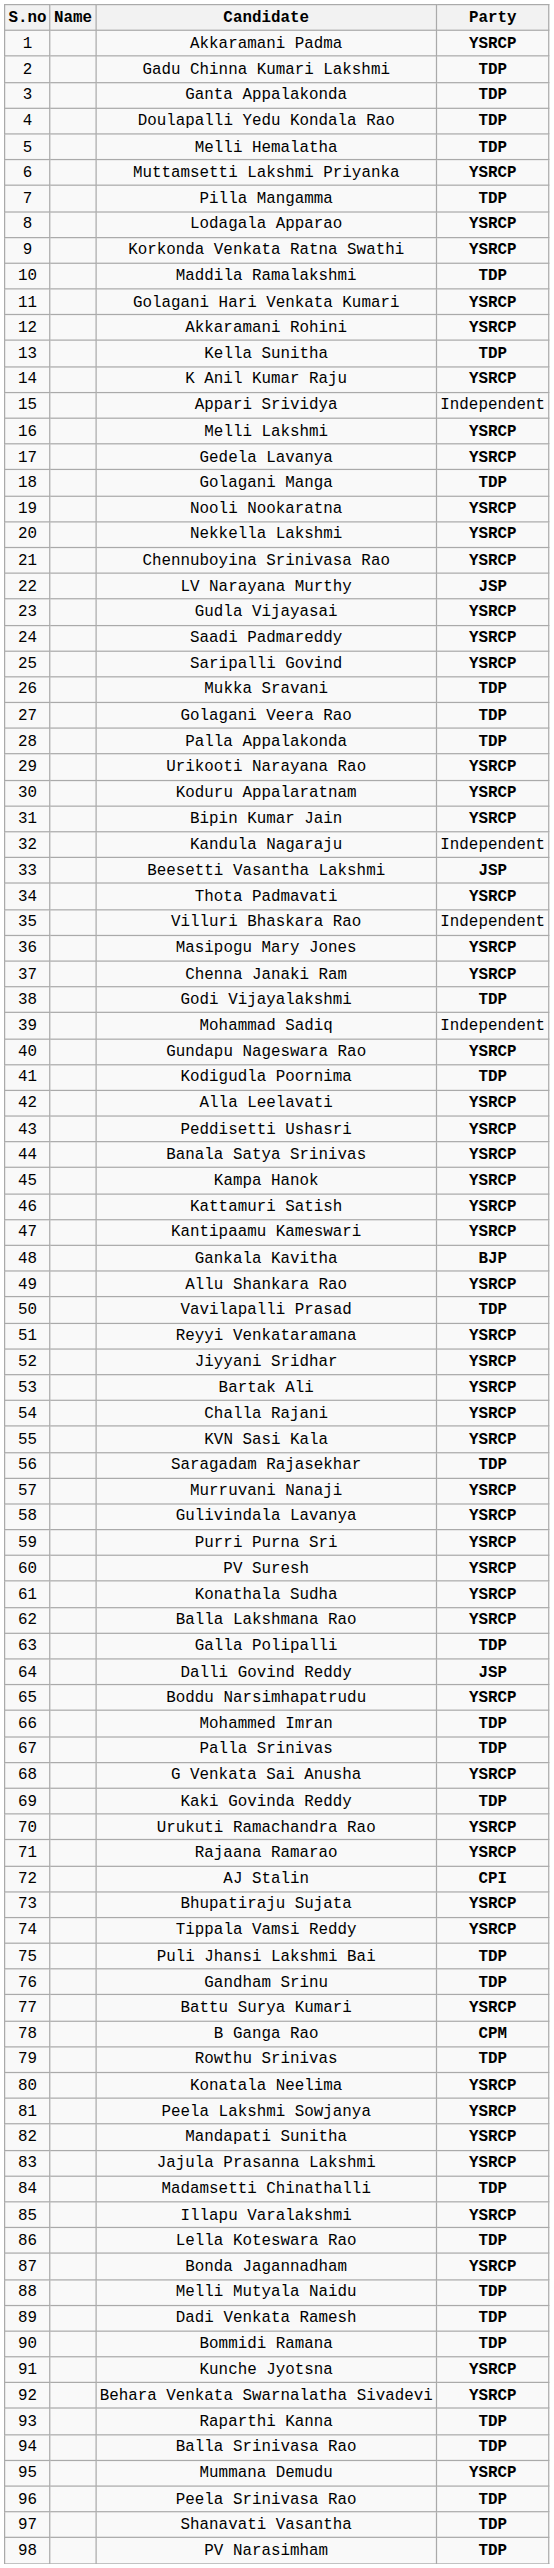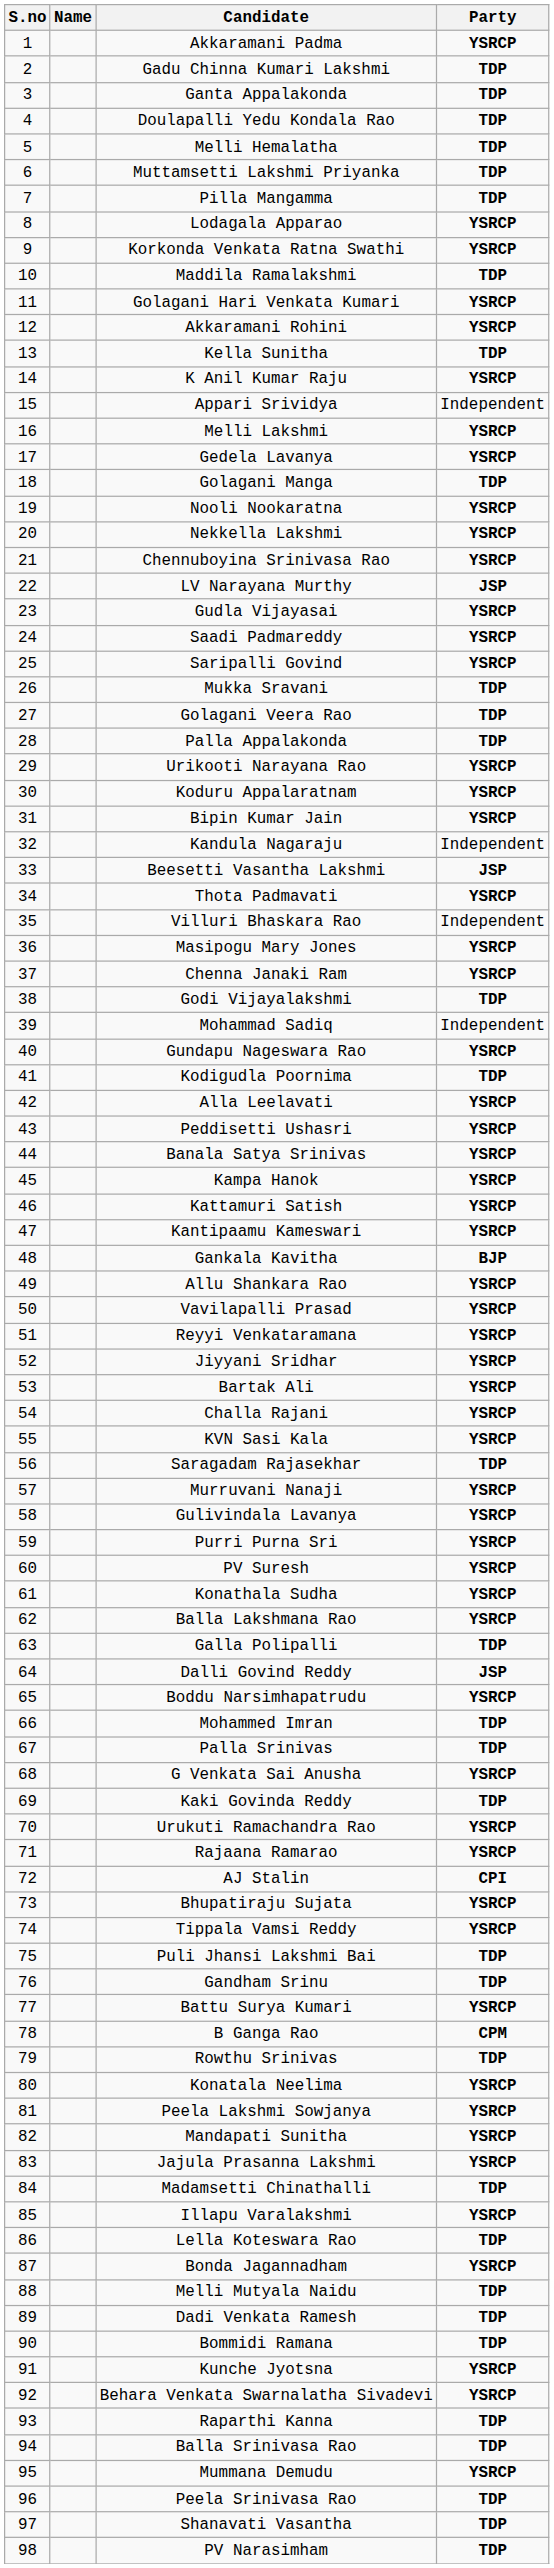 <table class="wikitable sortable" style="text-align:center;">
 <tr>
 <th>S.no</th>
 <th>Name</th>
 <th>Candidate</th>
 <th>Party</th>
 </tr>
 <tr>
 <td>1</td>
 <td></td>
 <td>Akkaramani Padma</td>
 <td ! style="text-align:center; background:"><strong>YSRCP</strong></td>
 </tr>
 <tr>
 <td>2</td>
 <td></td>
 <td>Gadu Chinna Kumari Lakshmi</td>
 <td ! style="text-align:center; background:"><strong>TDP</strong></td>
 </tr>
 <tr>
 <td>3</td>
 <td></td>
 <td>Ganta Appalakonda</td>
 <td ! style="text-align:center; background:"><strong>TDP</strong></td>
 </tr>
 <tr>
 <td>4</td>
 <td></td>
 <td>Doulapalli Yedu Kondala Rao</td>
 <td ! style="text-align:center; background:"><strong>TDP</strong></td>
 </tr>
 <tr>
 <td>5</td>
 <td></td>
 <td>Melli Hemalatha</td>
 <td ! style="text-align:center; background:"><strong>TDP</strong></td>
 </tr>
 <tr>
 <td>6</td>
 <td></td>
 <td>Muttamsetti Lakshmi Priyanka</td>
-<td ! style="text-align:center; background:"><strong>YSRCP</strong></td>
+<td ! style="text-align:center; background:"><strong>TDP</strong></td>
 </tr>
 <tr>
 <td>7</td>
 <td></td>
 <td>Pilla Mangamma</td>
 <td ! style="text-align:center; background:"><strong>TDP</strong></td>
 </tr>
 <tr>
 <td>8</td>
 <td></td>
 <td>Lodagala Apparao</td>
 <td ! style="text-align:center; background:"><strong>YSRCP</strong></td>
 </tr>
 <tr>
 <td>9</td>
 <td></td>
 <td>Korkonda Venkata Ratna Swathi</td>
 <td ! style="text-align:center; background:"><strong>YSRCP</strong></td>
 </tr>
 <tr>
 <td>10</td>
 <td></td>
 <td>Maddila Ramalakshmi</td>
 <td ! style="text-align:center; background:"><strong>TDP</strong></td>
 </tr>
 <tr>
 <td>11</td>
 <td></td>
 <td>Golagani Hari Venkata Kumari</td>
 <td ! style="text-align:center; background:"><strong>YSRCP</strong></td>
 </tr>
 <tr>
 <td>12</td>
 <td></td>
 <td>Akkaramani Rohini</td>
 <td ! style="text-align:center; background:"><strong>YSRCP</strong></td>
 </tr>
 <tr>
 <td>13</td>
 <td></td>
 <td>Kella Sunitha</td>
 <td ! style="text-align:center; background:"><strong>TDP</strong></td>
 </tr>
 <tr>
 <td>14</td>
 <td></td>
 <td>K Anil Kumar Raju</td>
 <td ! style="text-align:center; background:"><strong>YSRCP</strong></td>
 </tr>
 <tr>
 <td>15</td>
 <td></td>
 <td>Appari Srividya</td>
 <td>Independent</td>
 </tr>
 <tr>
 <td>16</td>
 <td></td>
 <td>Melli Lakshmi</td>
 <td ! style="text-align:center; background:"><strong>YSRCP</strong></td>
 </tr>
 <tr>
 <td>17</td>
 <td></td>
 <td>Gedela Lavanya</td>
 <td ! style="text-align:center; background:"><strong>YSRCP</strong></td>
 </tr>
 <tr>
 <td>18</td>
 <td></td>
 <td>Golagani Manga</td>
 <td ! style="text-align:center; background:"><strong>TDP</strong></td>
 </tr>
 <tr>
 <td>19</td>
 <td></td>
 <td>Nooli Nookaratna</td>
 <td ! style="text-align:center; background:"><strong>YSRCP</strong></td>
 </tr>
 <tr>
 <td>20</td>
 <td></td>
 <td>Nekkella Lakshmi</td>
 <td ! style="text-align:center; background:"><strong>YSRCP</strong></td>
 </tr>
 <tr>
 <td>21</td>
 <td></td>
 <td>Chennuboyina Srinivasa Rao</td>
 <td ! style="text-align:center; background:"><strong>YSRCP</strong></td>
 </tr>
 <tr>
 <td>22</td>
 <td></td>
 <td>LV Narayana Murthy</td>
 <td ! style="text-align:center; background:"><strong>JSP</strong></td>
 </tr>
 <tr>
 <td>23</td>
 <td></td>
 <td>Gudla Vijayasai</td>
 <td ! style="text-align:center; background:"><strong>YSRCP</strong></td>
 </tr>
 <tr>
 <td>24</td>
 <td></td>
 <td>Saadi Padmareddy</td>
 <td ! style="text-align:center; background:"><strong>YSRCP</strong></td>
 </tr>
 <tr>
 <td>25</td>
 <td></td>
 <td>Saripalli Govind</td>
 <td ! style="text-align:center; background:"><strong>YSRCP</strong></td>
 </tr>
 <tr>
 <td>26</td>
 <td></td>
 <td>Mukka Sravani</td>
 <td ! style="text-align:center; background:"><strong>TDP</strong></td>
 </tr>
 <tr>
 <td>27</td>
 <td></td>
 <td>Golagani Veera Rao</td>
 <td ! style="text-align:center; background:"><strong>TDP</strong></td>
 </tr>
 <tr>
 <td>28</td>
 <td></td>
 <td>Palla Appalakonda</td>
 <td ! style="text-align:center; background:"><strong>TDP</strong></td>
 </tr>
 <tr>
 <td>29</td>
 <td></td>
 <td>Urikooti Narayana Rao</td>
 <td ! style="text-align:center; background:"><strong>YSRCP</strong></td>
 </tr>
 <tr>
 <td>30</td>
 <td></td>
 <td>Koduru Appalaratnam</td>
 <td ! style="text-align:center; background:"><strong>YSRCP</strong></td>
 </tr>
 <tr>
 <td>31</td>
 <td></td>
 <td>Bipin Kumar Jain</td>
 <td ! style="text-align:center; background:"><strong>YSRCP</strong></td>
 </tr>
 <tr>
 <td>32</td>
 <td></td>
 <td>Kandula Nagaraju</td>
 <td>Independent</td>
 </tr>
 <tr>
 <td>33</td>
 <td></td>
 <td>Beesetti Vasantha Lakshmi</td>
 <td ! style="text-align:center; background:"><strong>JSP</strong></td>
 </tr>
 <tr>
 <td>34</td>
 <td></td>
 <td>Thota Padmavati</td>
 <td ! style="text-align:center; background:"><strong>YSRCP</strong></td>
 </tr>
 <tr>
 <td>35</td>
 <td></td>
 <td>Villuri Bhaskara Rao</td>
 <td>Independent</td>
 </tr>
 <tr>
 <td>36</td>
 <td></td>
 <td>Masipogu Mary Jones</td>
 <td ! style="text-align:center; background:"><strong>YSRCP</strong></td>
 </tr>
 <tr>
 <td>37</td>
 <td></td>
 <td>Chenna Janaki Ram</td>
 <td ! style="text-align:center; background:"><strong>YSRCP</strong></td>
 </tr>
 <tr>
 <td>38</td>
 <td></td>
 <td>Godi Vijayalakshmi</td>
 <td ! style="text-align:center; background:"><strong>TDP</strong></td>
 </tr>
 <tr>
 <td>39</td>
 <td></td>
 <td>Mohammad Sadiq</td>
 <td>Independent</td>
 </tr>
 <tr>
 <td>40</td>
 <td></td>
 <td>Gundapu Nageswara Rao</td>
 <td ! style="text-align:center; background:"><strong>YSRCP</strong></td>
 </tr>
 <tr>
 <td>41</td>
 <td></td>
 <td>Kodigudla Poornima</td>
 <td ! style="text-align:center; background:"><strong>TDP</strong></td>
 </tr>
 <tr>
 <td>42</td>
 <td></td>
 <td>Alla Leelavati</td>
 <td ! style="text-align:center; background:"><strong>YSRCP</strong></td>
 </tr>
 <tr>
 <td>43</td>
 <td></td>
 <td>Peddisetti Ushasri</td>
 <td ! style="text-align:center; background:"><strong>YSRCP</strong></td>
 </tr>
 <tr>
 <td>44</td>
 <td></td>
 <td>Banala Satya Srinivas</td>
 <td ! style="text-align:center; background:"><strong>YSRCP</strong></td>
 </tr>
 <tr>
 <td>45</td>
 <td></td>
 <td>Kampa Hanok</td>
 <td ! style="text-align:center; background:"><strong>YSRCP</strong></td>
 </tr>
 <tr>
 <td>46</td>
 <td></td>
 <td>Kattamuri Satish</td>
 <td ! style="text-align:center; background:"><strong>YSRCP</strong></td>
 </tr>
 <tr>
 <td>47</td>
 <td></td>
 <td>Kantipaamu Kameswari</td>
 <td ! style="text-align:center; background:"><strong>YSRCP</strong></td>
 </tr>
 <tr>
 <td>48</td>
 <td></td>
 <td>Gankala Kavitha</td>
 <td ! style="text-align:center; background:"><strong>BJP</strong></td>
 </tr>
 <tr>
 <td>49</td>
 <td></td>
 <td>Allu Shankara Rao</td>
 <td ! style="text-align:center; background:"><strong>YSRCP</strong></td>
 </tr>
 <tr>
 <td>50</td>
 <td></td>
 <td>Vavilapalli Prasad</td>
-<td ! style="text-align:center; background:"><strong>TDP</strong></td>
+<td ! style="text-align:center; background:"><strong>YSRCP</strong></td>
 </tr>
 <tr>
 <td>51</td>
 <td></td>
 <td>Reyyi Venkataramana</td>
 <td ! style="text-align:center; background:"><strong>YSRCP</strong></td>
 </tr>
 <tr>
 <td>52</td>
 <td></td>
 <td>Jiyyani Sridhar</td>
 <td ! style="text-align:center; background:"><strong>YSRCP</strong></td>
 </tr>
 <tr>
 <td>53</td>
 <td></td>
 <td>Bartak Ali</td>
 <td ! style="text-align:center; background:"><strong>YSRCP</strong></td>
 </tr>
 <tr>
 <td>54</td>
 <td></td>
 <td>Challa Rajani</td>
 <td ! style="text-align:center; background:"><strong>YSRCP</strong></td>
 </tr>
 <tr>
 <td>55</td>
 <td></td>
 <td>KVN Sasi Kala</td>
 <td ! style="text-align:center; background:"><strong>YSRCP</strong></td>
 </tr>
 <tr>
 <td>56</td>
 <td></td>
 <td>Saragadam Rajasekhar</td>
 <td ! style="text-align:center; background:"><strong>TDP</strong></td>
 </tr>
 <tr>
 <td>57</td>
 <td></td>
 <td>Murruvani Nanaji</td>
 <td ! style="text-align:center; background:"><strong>YSRCP</strong></td>
 </tr>
 <tr>
 <td>58</td>
 <td></td>
 <td>Gulivindala Lavanya</td>
 <td ! style="text-align:center; background:"><strong>YSRCP</strong></td>
 </tr>
 <tr>
 <td>59</td>
 <td></td>
 <td>Purri Purna Sri</td>
 <td ! style="text-align:center; background:"><strong>YSRCP</strong></td>
 </tr>
 <tr>
 <td>60</td>
 <td></td>
 <td>PV Suresh</td>
 <td ! style="text-align:center; background:"><strong>YSRCP</strong></td>
 </tr>
 <tr>
 <td>61</td>
 <td></td>
 <td>Konathala Sudha</td>
 <td ! style="text-align:center; background:"><strong>YSRCP</strong></td>
 </tr>
 <tr>
 <td>62</td>
 <td></td>
 <td>Balla Lakshmana Rao</td>
 <td ! style="text-align:center; background:"><strong>YSRCP</strong></td>
 </tr>
 <tr>
 <td>63</td>
 <td></td>
 <td>Galla Polipalli</td>
 <td ! style="text-align:center; background:"><strong>TDP</strong></td>
 </tr>
 <tr>
 <td>64</td>
 <td></td>
 <td>Dalli Govind Reddy</td>
 <td ! style="text-align:center; background:"><strong>JSP</strong></td>
 </tr>
 <tr>
 <td>65</td>
 <td></td>
 <td>Boddu Narsimhapatrudu</td>
 <td ! style="text-align:center; background:"><strong>YSRCP</strong></td>
 </tr>
 <tr>
 <td>66</td>
 <td></td>
 <td>Mohammed Imran</td>
 <td ! style="text-align:center; background:"><strong>TDP</strong></td>
 </tr>
 <tr>
 <td>67</td>
 <td></td>
 <td>Palla Srinivas</td>
 <td ! style="text-align:center; background:"><strong>TDP</strong></td>
 </tr>
 <tr>
 <td>68</td>
 <td></td>
 <td>G Venkata Sai Anusha</td>
 <td ! style="text-align:center; background:"><strong>YSRCP</strong></td>
 </tr>
 <tr>
 <td>69</td>
 <td></td>
 <td>Kaki Govinda Reddy</td>
 <td ! style="text-align:center; background:"><strong>TDP</strong></td>
 </tr>
 <tr>
 <td>70</td>
 <td></td>
 <td>Urukuti Ramachandra Rao</td>
 <td ! style="text-align:center; background:"><strong>YSRCP</strong></td>
 </tr>
 <tr>
 <td>71</td>
 <td></td>
 <td>Rajaana Ramarao</td>
 <td ! style="text-align:center; background:"><strong>YSRCP</strong></td>
 </tr>
 <tr>
 <td>72</td>
 <td></td>
 <td>AJ Stalin</td>
 <td ! style="text-align:center; background:"><strong>CPI</strong></td>
 </tr>
 <tr>
 <td>73</td>
 <td></td>
 <td>Bhupatiraju Sujata</td>
 <td ! style="text-align:center; background:"><strong>YSRCP</strong></td>
 </tr>
 <tr>
 <td>74</td>
 <td></td>
 <td>Tippala Vamsi Reddy</td>
 <td ! style="text-align:center; background:"><strong>YSRCP</strong></td>
 </tr>
 <tr>
 <td>75</td>
 <td></td>
 <td>Puli Jhansi Lakshmi Bai</td>
 <td ! style="text-align:center; background:"><strong>TDP</strong></td>
 </tr>
 <tr>
 <td>76</td>
 <td></td>
 <td>Gandham Srinu</td>
 <td ! style="text-align:center; background:"><strong>TDP</strong></td>
 </tr>
 <tr>
 <td>77</td>
 <td></td>
 <td>Battu Surya Kumari</td>
 <td ! style="text-align:center; background:"><strong>YSRCP</strong></td>
 </tr>
 <tr>
 <td>78</td>
 <td></td>
 <td>B Ganga Rao</td>
 <td ! style="text-align:center; background:"><strong>CPM</strong></td>
 </tr>
 <tr>
 <td>79</td>
 <td></td>
 <td>Rowthu Srinivas</td>
 <td ! style="text-align:center; background:"><strong>TDP</strong></td>
 </tr>
 <tr>
 <td>80</td>
 <td></td>
 <td>Konatala Neelima</td>
 <td ! style="text-align:center; background:"><strong>YSRCP</strong></td>
 </tr>
 <tr>
 <td>81</td>
 <td></td>
 <td>Peela Lakshmi Sowjanya</td>
 <td ! style="text-align:center; background:"><strong>YSRCP</strong></td>
 </tr>
 <tr>
 <td>82</td>
 <td></td>
 <td>Mandapati Sunitha</td>
 <td ! style="text-align:center; background:"><strong>YSRCP</strong></td>
 </tr>
 <tr>
 <td>83</td>
 <td></td>
 <td>Jajula Prasanna Lakshmi</td>
 <td ! style="text-align:center; background:"><strong>YSRCP</strong></td>
 </tr>
 <tr>
 <td>84</td>
 <td></td>
 <td>Madamsetti Chinathalli</td>
 <td ! style="text-align:center; background:"><strong>TDP</strong></td>
 </tr>
 <tr>
 <td>85</td>
 <td></td>
 <td>Illapu Varalakshmi</td>
 <td ! style="text-align:center; background:"><strong>YSRCP</strong></td>
 </tr>
 <tr>
 <td>86</td>
 <td></td>
 <td>Lella Koteswara Rao</td>
 <td ! style="text-align:center; background:"><strong>TDP</strong></td>
 </tr>
 <tr>
 <td>87</td>
 <td></td>
 <td>Bonda Jagannadham</td>
 <td ! style="text-align:center; background:"><strong>YSRCP</strong></td>
 </tr>
 <tr>
 <td>88</td>
 <td></td>
 <td>Melli Mutyala Naidu</td>
 <td ! style="text-align:center; background:"><strong>TDP</strong></td>
 </tr>
 <tr>
 <td>89</td>
 <td></td>
 <td>Dadi Venkata Ramesh</td>
 <td ! style="text-align:center; background:"><strong>TDP</strong></td>
 </tr>
 <tr>
 <td>90</td>
 <td></td>
 <td>Bommidi Ramana</td>
 <td ! style="text-align:center; background:"><strong>TDP</strong></td>
 </tr>
 <tr>
 <td>91</td>
 <td></td>
 <td>Kunche Jyotsna</td>
 <td ! style="text-align:center; background:"><strong>YSRCP</strong></td>
 </tr>
 <tr>
 <td>92</td>
 <td></td>
 <td>Behara Venkata Swarnalatha Sivadevi</td>
 <td ! style="text-align:center; background:"><strong>YSRCP</strong></td>
 </tr>
 <tr>
 <td>93</td>
 <td></td>
 <td>Raparthi Kanna</td>
 <td ! style="text-align:center; background:"><strong>TDP</strong></td>
 </tr>
 <tr>
 <td>94</td>
 <td></td>
 <td>Balla Srinivasa Rao</td>
 <td ! style="text-align:center; background:"><strong>TDP</strong></td>
 </tr>
 <tr>
 <td>95</td>
 <td></td>
 <td>Mummana Demudu</td>
 <td ! style="text-align:center; background:"><strong>YSRCP</strong></td>
 </tr>
 <tr>
 <td>96</td>
 <td></td>
 <td>Peela Srinivasa Rao</td>
 <td ! style="text-align:center; background:"><strong>TDP</strong></td>
 </tr>
 <tr>
 <td>97</td>
 <td></td>
 <td>Shanavati Vasantha</td>
 <td ! style="text-align:center; background:"><strong>TDP</strong></td>
 </tr>
 <tr>
 <td>98</td>
 <td></td>
 <td>PV Narasimham</td>
 <td ! style="text-align:center; background:"><strong>TDP</strong></td>
 </tr>
 <tr>
 </tr>
 </table>
